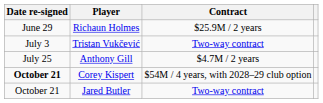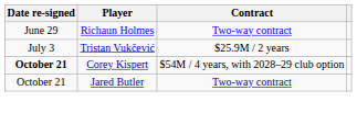 <table class="wikitable sortable sortable" style="text-align: center">
 <tr>
 <th>Date re-signed</th>
 <th>Player</th>
 <th>Contract</th>
 <th></th>
 </tr>
 <tr>
 <td>June 29</td>
 <td><a href='#'>Richaun Holmes</a></td>
-<td>$25.9M / 2 years</td>
+<td><a href='#'>Two-way contract</a></td>
 <td></td>
 </tr>
 <tr>
 <td>July 3</td>
 <td><a href='#'>Tristan Vukčević</a></td>
-<td><a href='#'>Two-way contract</a></td>
-<td></td>
-</tr>
-<tr>
-<td>July 25</td>
-<td><a href='#'>Anthony Gill</a></td>
-<td>$4.7M / 2 years</td>
+<td>$25.9M / 2 years</td>
 <td></td>
 </tr>
 <tr>
 <td><strong>October 21</strong></td>
 <td><a href='#'>Corey Kispert</a></td>
 <td>$54M / 4 years, with 2028–29 club option</td>
 <td></td>
 </tr>
 <tr>
 <td>October 21</td>
 <td><a href='#'>Jared Butler</a></td>
 <td><a href='#'>Two-way contract</a></td>
 <td></td>
 </tr>
 </table>
